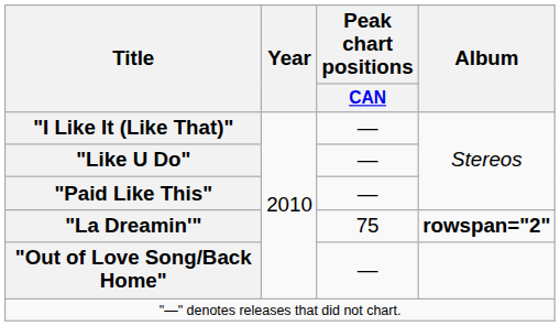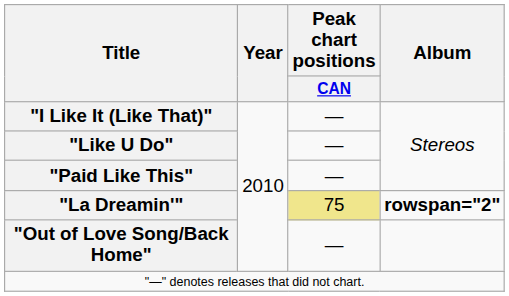 <table class="wikitable plainrowheaders" style="text-align:center;">
 <tr>
 <th scope="col" rowspan="2" style="width:12em;">Title</th>
 <th scope="col" rowspan="2">Year</th>
 <th scope="col" colspan="1">Peak chart positions</th>
 <th rowspan="2">Album</th>
 </tr>
 <tr style="font-size:smaller;">
 <th style="width:45px;"><a href='#'>CAN</a><br></th>
 </tr>
 <tr>
 <th scope="row">"I Like It (Like That)"</th>
 <td rowspan="5">2010</td>
 <td>—</td>
 <td rowspan="3"><em>Stereos</em></td>
 </tr>
 <tr>
 <th scope="row">"Like U Do"</th>
 <td>—</td>
 </tr>
 <tr>
 <th scope="row">"Paid Like This"</th>
 <td>—</td>
 </tr>
 <tr>
 <th scope="row">"La Dreamin'"</th>
-<td>75</td>
+<td style="background: khaki;">75</td>
 <td><strong>rowspan="2" </strong></td>
 </tr>
 <tr>
 <th scope="row">"Out of Love Song/Back Home"</th>
 <td>—</td>
 </tr>
 <tr>
 <td colspan="8" style="font-size:8pt">"—" denotes releases that did not chart.</td>
 </tr>
 </table>
